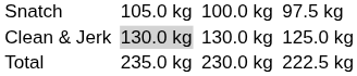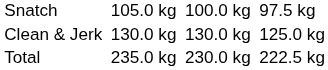 <table>
 <tr>
 <td>Snatch</td>
 <td></td>
 <td>105.0 kg</td>
 <td></td>
 <td>100.0 kg</td>
 <td></td>
 <td>97.5 kg</td>
 </tr>
 <tr>
 <td>Clean & Jerk</td>
 <td></td>
-<td style="background: lightgrey;">130.0 kg</td>
+<td>130.0 kg</td>
 <td></td>
 <td>130.0 kg</td>
 <td></td>
 <td>125.0 kg</td>
 </tr>
 <tr>
 <td>Total</td>
 <td></td>
 <td>235.0 kg</td>
 <td></td>
 <td>230.0 kg</td>
 <td></td>
 <td>222.5 kg</td>
 </tr>
 </table>
